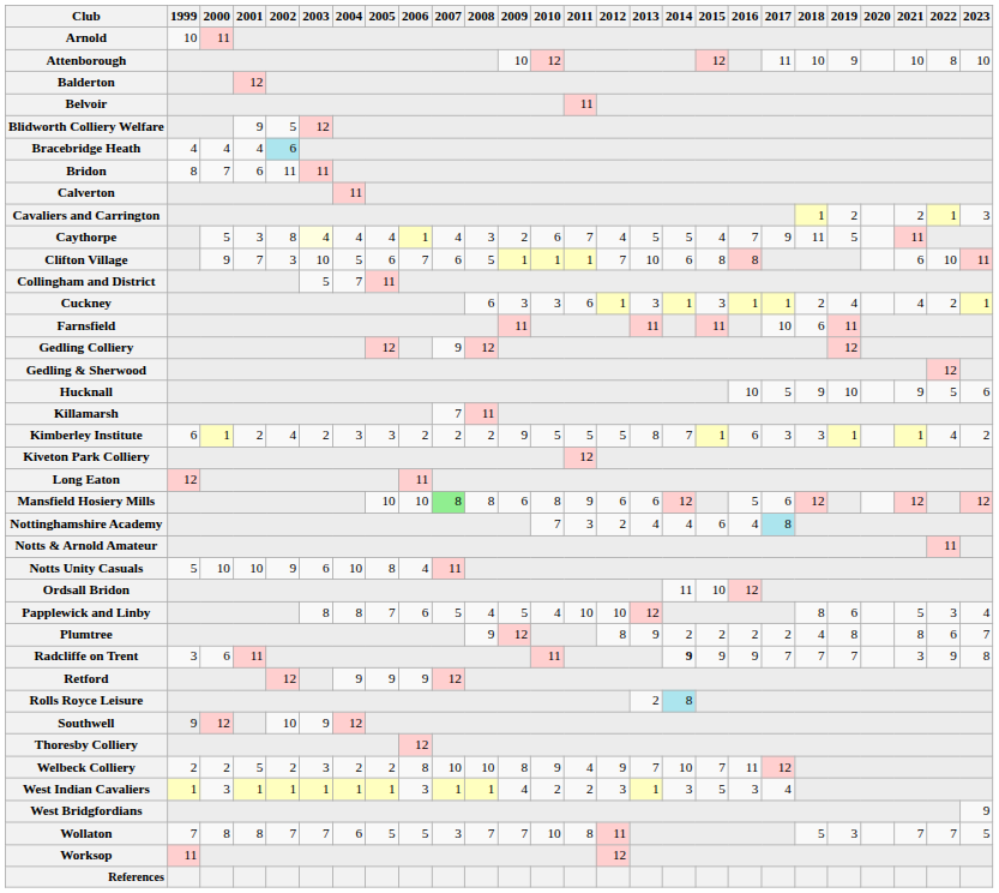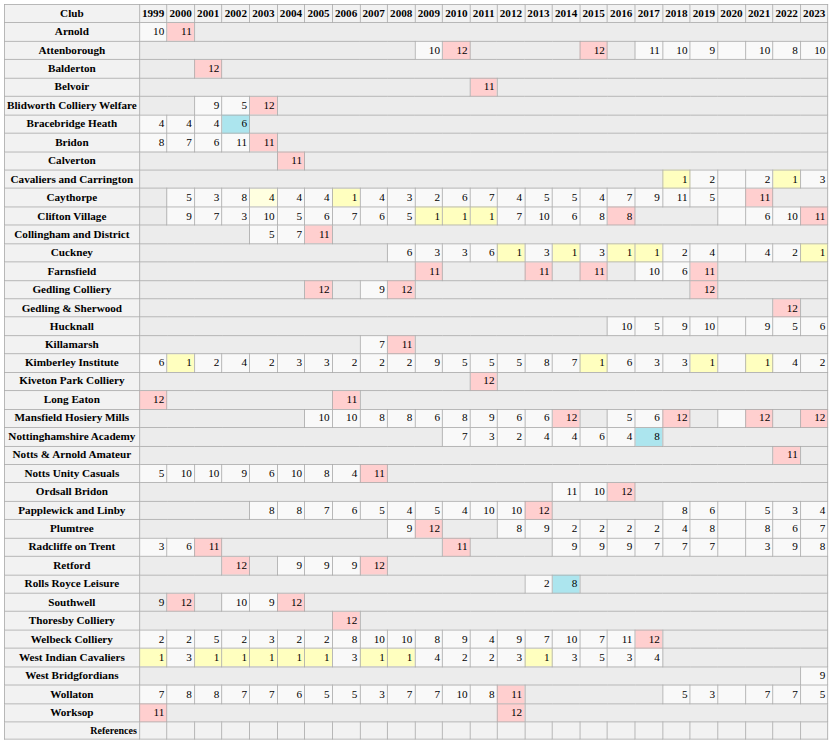 <table class="wikitable plainrowheaders" style="font-size:85%; text-align: right;">
 <tr>
 <th scope="col">Club</th>
 <th scope="col">1999</th>
 <th scope="col">2000</th>
 <th scope="col">2001</th>
 <th scope="col">2002</th>
 <th scope="col">2003</th>
 <th scope="col">2004</th>
 <th scope="col">2005</th>
 <th scope="col">2006</th>
 <th scope="col">2007</th>
 <th scope="col">2008</th>
 <th scope="col">2009</th>
 <th scope="col">2010</th>
 <th scope="col">2011</th>
 <th scope="col">2012</th>
 <th scope="col">2013</th>
 <th scope="col">2014</th>
 <th scope="col">2015</th>
 <th scope="col">2016</th>
 <th scope="col">2017</th>
 <th scope="col">2018</th>
 <th scope="col">2019</th>
 <th scope="col">2020</th>
 <th scope="col">2021</th>
 <th scope="col">2022</th>
 <th scope="col">2023</th>
 </tr>
 <tr>
 <th scope="row">Arnold</th>
 <td>10</td>
 <td bgcolor="#ffcfcf">11</td>
 <td bgcolor="#ececec" colspan="23"></td>
 </tr>
 <tr>
 <th scope="row">Attenborough</th>
 <td bgcolor="#ececec" colspan="10"></td>
 <td>10</td>
 <td bgcolor="#ffcfcf">12</td>
 <td bgcolor="#ececec" colspan="4"></td>
 <td bgcolor="#ffcfcf">12</td>
 <td bgcolor="#ececec"></td>
 <td>11</td>
 <td>10</td>
 <td>9</td>
 <td></td>
 <td>10</td>
 <td>8</td>
 <td>10</td>
 </tr>
 <tr>
 <th scope="row">Balderton</th>
 <td bgcolor="#ececec" colspan="2"></td>
 <td bgcolor="#ffcfcf">12</td>
 <td bgcolor="#ececec" colspan="22"></td>
 </tr>
 <tr>
 <th scope="row">Belvoir</th>
 <td bgcolor="#ececec" colspan="12"></td>
 <td bgcolor="#ffcfcf">11</td>
 <td bgcolor="#ececec" colspan="12"></td>
 </tr>
 <tr>
 <th scope="row">Blidworth Colliery Welfare</th>
 <td bgcolor="#ececec" colspan="2"></td>
 <td>9</td>
 <td>5</td>
 <td bgcolor="#ffcfcf">12</td>
 <td bgcolor="#ececec" colspan="20"></td>
 </tr>
 <tr>
 <th scope="row">Bracebridge Heath </th>
 <td>4</td>
 <td>4</td>
 <td>4</td>
 <td bgcolor="#ace5ee">6</td>
 <td bgcolor="#ececec" colspan="21"></td>
 </tr>
 <tr>
 <th scope="row">Bridon </th>
 <td>8</td>
 <td>7</td>
 <td>6</td>
 <td>11</td>
 <td bgcolor="#ffcfcf">11</td>
 <td bgcolor="#ececec" colspan="20"></td>
 </tr>
 <tr>
 <th scope="row">Calverton</th>
 <td bgcolor="#ececec" colspan="5"></td>
 <td bgcolor="#ffcfcf">11</td>
 <td bgcolor="#ececec" colspan="19"></td>
 </tr>
 <tr>
 <th scope="row">Cavaliers and Carrington </th>
 <td bgcolor="#ececec" colspan="19"></td>
 <td bgcolor="#ffffbf">1</td>
 <td>2</td>
 <td></td>
 <td>2</td>
 <td bgcolor="#ffffbf">1</td>
 <td>3</td>
 </tr>
 <tr>
 <th scope="row">Caythorpe</th>
 <td bgcolor="#ececec"></td>
 <td>5</td>
 <td>3</td>
 <td>8</td>
 <td style="background: lightyellow;">4</td>
 <td>4</td>
 <td>4</td>
 <td bgcolor="#ffffbf">1</td>
 <td>4</td>
 <td>3</td>
 <td>2</td>
 <td>6</td>
 <td>7</td>
 <td>4</td>
 <td>5</td>
 <td>5</td>
 <td>4</td>
 <td>7</td>
 <td>9</td>
 <td>11</td>
 <td>5</td>
 <td></td>
 <td bgcolor="#ffcfcf">11</td>
 <td bgcolor="#ececec" colspan="2"></td>
 </tr>
 <tr>
 <th scope="row">Clifton Village </th>
 <td bgcolor="#ececec"></td>
 <td>9</td>
 <td>7</td>
 <td>3</td>
 <td>10</td>
 <td>5</td>
 <td>6</td>
 <td>7</td>
 <td>6</td>
 <td>5</td>
 <td bgcolor="#ffffbf">1</td>
 <td bgcolor="#ffffbf">1</td>
 <td bgcolor="#ffffbf">1</td>
 <td>7</td>
 <td>10</td>
 <td>6</td>
 <td>8</td>
 <td bgcolor="#ffcfcf">8</td>
 <td bgcolor="#ececec" colspan="3"></td>
 <td></td>
 <td>6</td>
 <td>10</td>
 <td bgcolor="#ffcfcf">11</td>
 </tr>
 <tr>
 <th scope="row">Collingham and District</th>
 <td bgcolor="#ececec" colspan="4"></td>
 <td>5</td>
 <td>7</td>
 <td bgcolor="#ffcfcf">11</td>
 <td bgcolor="#ececec" colspan="18"></td>
 </tr>
 <tr>
 <th scope="row">Cuckney</th>
 <td bgcolor="#ececec" colspan="9"></td>
 <td>6</td>
 <td>3</td>
 <td>3</td>
 <td>6</td>
 <td bgcolor="#ffffbf">1</td>
 <td>3</td>
 <td bgcolor="#ffffbf">1</td>
 <td>3</td>
 <td bgcolor="#ffffbf">1</td>
 <td bgcolor="#ffffbf">1</td>
 <td>2</td>
 <td>4</td>
 <td></td>
 <td>4</td>
 <td>2</td>
 <td bgcolor="#ffffbf">1</td>
 </tr>
 <tr>
 <th scope="row">Farnsfield</th>
 <td bgcolor="#ececec" colspan="10"></td>
 <td bgcolor="#ffcfcf">11</td>
 <td bgcolor="#ececec" colspan="3"></td>
 <td bgcolor="#ffcfcf">11</td>
 <td bgcolor="#ececec"></td>
 <td bgcolor="#ffcfcf">11</td>
 <td bgcolor="#ececec"></td>
 <td>10</td>
 <td>6</td>
 <td bgcolor="#ffcfcf">11</td>
 <td bgcolor="#ececec" colspan="5"></td>
 </tr>
 <tr>
 <th scope="row">Gedling Colliery</th>
 <td bgcolor="#ececec" colspan="6"></td>
 <td bgcolor="#ffcfcf">12</td>
 <td bgcolor="#ececec"></td>
 <td>9</td>
 <td bgcolor="#ffcfcf">12</td>
 <td bgcolor="#ececec" colspan="10"></td>
 <td bgcolor="#ffcfcf">12</td>
 <td bgcolor="#ececec" colspan="5"></td>
 </tr>
 <tr>
 <th scope="row">Gedling & Sherwood</th>
 <td bgcolor="#ececec" colspan="23"></td>
 <td bgcolor="#ffcfcf">12</td>
 <td bgcolor="#ececec" colspan="1"></td>
 </tr>
 <tr>
 <th scope="row">Hucknall</th>
 <td bgcolor="#ececec" colspan="17"></td>
 <td>10</td>
 <td>5</td>
 <td>9</td>
 <td>10</td>
 <td></td>
 <td>9</td>
 <td>5</td>
 <td>6</td>
 </tr>
 <tr>
 <th scope="row">Killamarsh</th>
 <td bgcolor="#ececec" colspan="8"></td>
 <td>7</td>
 <td bgcolor="#ffcfcf">11</td>
 <td bgcolor="#ececec" colspan="15"></td>
 </tr>
 <tr>
 <th scope="row">Kimberley Institute</th>
 <td>6</td>
 <td bgcolor="#ffffbf">1</td>
 <td>2</td>
 <td>4</td>
 <td>2</td>
 <td>3</td>
 <td>3</td>
 <td>2</td>
 <td>2</td>
 <td>2</td>
 <td>9</td>
 <td>5</td>
 <td>5</td>
 <td>5</td>
 <td>8</td>
 <td>7</td>
 <td bgcolor="#ffffbf">1</td>
 <td>6</td>
 <td>3</td>
 <td>3</td>
 <td bgcolor="#ffffbf">1</td>
 <td></td>
 <td bgcolor="#ffffbf">1</td>
 <td>4</td>
 <td>2</td>
 </tr>
 <tr>
 <th scope="row">Kiveton Park Colliery</th>
 <td bgcolor="#ececec" colspan="12"></td>
 <td bgcolor="#ffcfcf">12</td>
 <td bgcolor="#ececec" colspan="12"></td>
 </tr>
 <tr>
 <th scope="row">Long Eaton</th>
 <td bgcolor="#ffcfcf">12</td>
 <td bgcolor="#ececec" colspan="6"></td>
 <td bgcolor="#ffcfcf">11</td>
 <td bgcolor="#ececec" colspan="17"></td>
 </tr>
 <tr>
 <th scope="row">Mansfield Hosiery Mills</th>
 <td bgcolor="#ececec" colspan="6"></td>
 <td>10</td>
 <td>10</td>
-<td style="background: lightgreen;">8</td>
+<td>8</td>
 <td>8</td>
 <td>6</td>
 <td>8</td>
 <td>9</td>
 <td>6</td>
 <td>6</td>
 <td bgcolor="#ffcfcf">12</td>
 <td bgcolor="#ececec"></td>
 <td>5</td>
 <td>6</td>
 <td bgcolor="#ffcfcf">12</td>
 <td bgcolor="#ececec"></td>
 <td></td>
 <td bgcolor="#ffcfcf">12</td>
 <td bgcolor="#ececec" colspan="1"></td>
 <td bgcolor="#ffcfcf">12</td>
 </tr>
 <tr>
 <th scope="row">Nottinghamshire Academy </th>
 <td bgcolor="#ececec" colspan="11"></td>
 <td>7</td>
 <td>3</td>
 <td>2</td>
 <td>4</td>
 <td>4</td>
 <td>6</td>
 <td>4</td>
 <td bgcolor="#ace5ee">8</td>
 <td bgcolor="#ececec" colspan="6"></td>
 </tr>
 <tr>
 <th scope="row">Notts & Arnold Amateur</th>
 <td bgcolor="#ececec" colspan="23"></td>
 <td bgcolor="#ffcfcf">11</td>
 <td bgcolor="#ececec" colspan="1"></td>
 </tr>
 <tr>
 <th scope="row">Notts Unity Casuals</th>
 <td>5</td>
 <td>10</td>
 <td>10</td>
 <td>9</td>
 <td>6</td>
 <td>10</td>
 <td>8</td>
 <td>4</td>
 <td bgcolor="#ffcfcf">11</td>
 <td bgcolor="#ececec" colspan="16"></td>
 </tr>
 <tr>
 <th scope="row">Ordsall Bridon </th>
 <td bgcolor="#ececec" colspan="15"></td>
 <td>11</td>
 <td>10</td>
 <td bgcolor="#ffcfcf">12</td>
 <td bgcolor="#ececec" colspan="7"></td>
 </tr>
 <tr>
 <th scope="row">Papplewick and Linby</th>
 <td bgcolor="#ececec" colspan="4"></td>
 <td>8</td>
 <td>8</td>
 <td>7</td>
 <td>6</td>
 <td>5</td>
 <td>4</td>
 <td>5</td>
 <td>4</td>
 <td>10</td>
 <td>10</td>
 <td bgcolor="#ffcfcf">12</td>
 <td bgcolor="#ececec" colspan="4"></td>
 <td>8</td>
 <td>6</td>
 <td></td>
 <td>5</td>
 <td>3</td>
 <td>4</td>
 </tr>
 <tr>
 <th scope="row">Plumtree</th>
 <td bgcolor="#ececec" colspan="9"></td>
 <td>9</td>
 <td bgcolor="#ffcfcf">12</td>
 <td bgcolor="#ececec" colspan="2"></td>
 <td>8</td>
 <td>9</td>
 <td>2</td>
 <td>2</td>
 <td>2</td>
 <td>2</td>
 <td>4</td>
 <td>8</td>
 <td></td>
 <td>8</td>
 <td>6</td>
 <td>7</td>
 </tr>
 <tr>
 <th scope="row">Radcliffe on Trent</th>
 <td>3</td>
 <td>6</td>
 <td bgcolor="#ffcfcf">11</td>
 <td bgcolor="#ececec" colspan="8"></td>
 <td bgcolor="#ffcfcf">11</td>
 <td bgcolor="#ececec" colspan="3"></td>
-<td><strong>9</strong></td>
+<td>9</td>
 <td>9</td>
 <td>9</td>
 <td>7</td>
 <td>7</td>
 <td>7</td>
 <td></td>
 <td>3</td>
 <td>9</td>
 <td>8</td>
 </tr>
 <tr>
 <th scope="row">Retford</th>
 <td bgcolor="#ececec" colspan="3"></td>
 <td bgcolor="#ffcfcf">12</td>
 <td bgcolor="#ececec"></td>
 <td>9</td>
 <td>9</td>
 <td>9</td>
 <td bgcolor="#ffcfcf">12</td>
 <td bgcolor="#ececec" colspan="16"></td>
 </tr>
 <tr>
 <th scope="row">Rolls Royce Leisure </th>
 <td bgcolor="#ececec" colspan="14"></td>
 <td>2</td>
 <td bgcolor="#ace5ee">8</td>
 <td bgcolor="#ececec" colspan="9"></td>
 </tr>
 <tr>
 <th scope="row">Southwell</th>
 <td bgcolor="#ececec">9</td>
 <td bgcolor="#ffcfcf">12</td>
 <td bgcolor="#ececec"></td>
 <td>10</td>
 <td>9</td>
 <td bgcolor="#ffcfcf">12</td>
 <td bgcolor="#ececec" colspan="19"></td>
 </tr>
 <tr>
 <th scope="row">Thoresby Colliery</th>
 <td bgcolor="#ececec" colspan="7"></td>
 <td bgcolor="#ffcfcf">12</td>
 <td bgcolor="#ececec" colspan="17"></td>
 </tr>
 <tr>
 <th scope="row">Welbeck Colliery</th>
 <td>2</td>
 <td>2</td>
 <td>5</td>
 <td>2</td>
 <td>3</td>
 <td>2</td>
 <td>2</td>
 <td>8</td>
 <td>10</td>
 <td>10</td>
 <td>8</td>
 <td>9</td>
 <td>4</td>
 <td>9</td>
 <td>7</td>
 <td>10</td>
 <td>7</td>
 <td>11</td>
 <td bgcolor="#ffcfcf">12</td>
 <td bgcolor="#ececec" colspan="6"></td>
 </tr>
 <tr>
 <th scope="row">West Indian Cavaliers </th>
 <td bgcolor="#ffffbf">1</td>
 <td>3</td>
 <td bgcolor="#ffffbf">1</td>
 <td bgcolor="#ffffbf">1</td>
 <td bgcolor="#ffffbf">1</td>
 <td bgcolor="#ffffbf">1</td>
 <td bgcolor="#ffffbf">1</td>
 <td>3</td>
 <td bgcolor="#ffffbf">1</td>
 <td bgcolor="#ffffbf">1</td>
 <td>4</td>
 <td>2</td>
 <td>2</td>
 <td>3</td>
 <td bgcolor="#ffffbf">1</td>
 <td>3</td>
 <td>5</td>
 <td>3</td>
 <td>4</td>
 <td bgcolor="#ececec" colspan="6"></td>
 </tr>
 <tr>
 <th scope="row">West Bridgfordians</th>
 <td bgcolor="#ececec" colspan="24"></td>
 <td>9</td>
 </tr>
 <tr>
 <th scope="row">Wollaton</th>
 <td>7</td>
 <td>8</td>
 <td>8</td>
 <td>7</td>
 <td>7</td>
 <td>6</td>
 <td>5</td>
 <td>5</td>
 <td>3</td>
 <td>7</td>
 <td>7</td>
 <td>10</td>
 <td>8</td>
 <td bgcolor="#ffcfcf">11</td>
 <td bgcolor="#ececec" colspan="5"></td>
 <td>5</td>
 <td>3</td>
 <td></td>
 <td>7</td>
 <td>7</td>
 <td>5</td>
 </tr>
 <tr>
 <th scope="row">Worksop</th>
 <td bgcolor="#ffcfcf">11</td>
 <td bgcolor="#ececec" colspan="12"></td>
 <td bgcolor="#ffcfcf">12</td>
 <td bgcolor="#ececec" colspan="11"></td>
 </tr>
 <tr style="font-size:90%; text-align:center">
 <th scope="row" style="text-align: right">References</th>
 <th scope="col"></th>
 <th scope="col"></th>
 <th scope="col"></th>
 <th scope="col"></th>
 <th scope="col"></th>
 <th scope="col"></th>
 <th scope="col"></th>
 <th scope="col"></th>
 <th scope="col"></th>
 <th scope="col"></th>
 <th scope="col"></th>
 <th scope="col"></th>
 <th scope="col"></th>
 <th scope="col"></th>
 <th scope="col"></th>
 <th scope="col"></th>
 <th scope="col"></th>
 <th scope="col"></th>
 <th scope="col"></th>
 <th scope="col"></th>
 <th scope="col"></th>
 <th scope="col"></th>
 <th scope="col"></th>
 <th scope="col"></th>
 <th scope="col"></th>
 </tr>
 </table>
